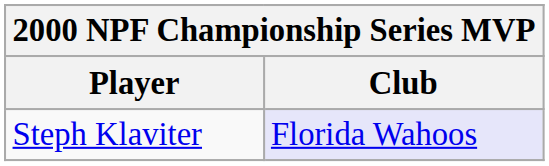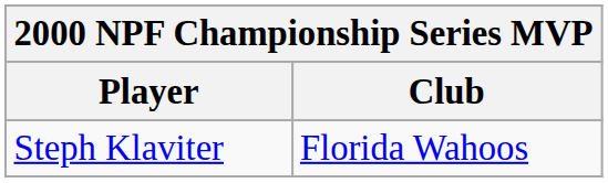 <table class="wikitable">
 <tr>
 <th colspan=3>2000 NPF Championship Series MVP</th>
 </tr>
 <tr>
 <th>Player</th>
 <th>Club</th>
 </tr>
 <tr>
 <td><a href='#'>Steph Klaviter</a></td>
-<td style="background: lavender;"><a href='#'>Florida Wahoos</a></td>
+<td><a href='#'>Florida Wahoos</a></td>
 </tr>
 </table>
